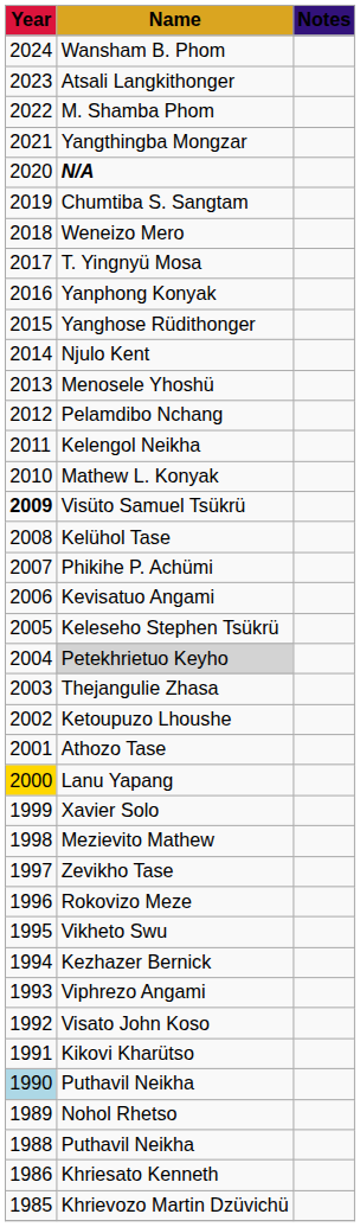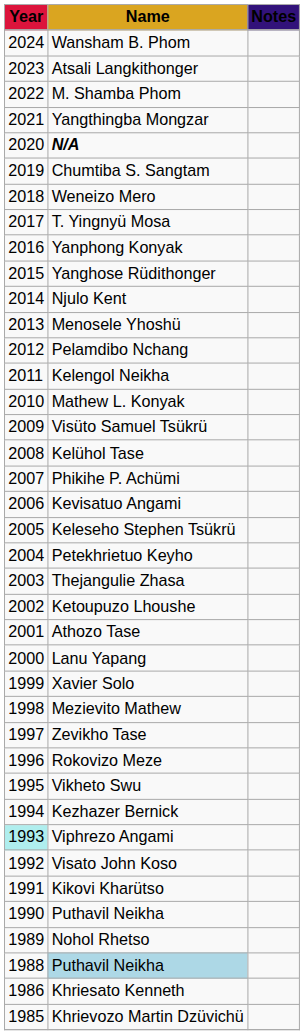 <table class="wikitable sortable">
 <tr>
 <th style="background-color: crimson"><strong>Year</strong></th>
 <th style="background-color:#DAA520"><strong>Name</strong></th>
 <th style="background-color:#32127A"><strong>Notes</strong></th>
 </tr>
 <tr>
 </tr>
 <tr>
 <td>2024</td>
 <td>Wansham B. Phom</td>
 <td></td>
 </tr>
 <tr>
 <td>2023</td>
 <td>Atsali Langkithonger</td>
 <td></td>
 </tr>
 <tr>
 <td>2022</td>
 <td>M. Shamba Phom</td>
 <td></td>
 </tr>
 <tr>
 <td>2021</td>
 <td>Yangthingba Mongzar</td>
 <td></td>
 </tr>
 <tr>
 <td>2020</td>
 <td><strong><em>N/A</em></strong></td>
 <td></td>
 </tr>
 <tr>
 <td>2019</td>
 <td>Chumtiba S. Sangtam</td>
 <td></td>
 </tr>
 <tr>
 <td>2018</td>
 <td>Weneizo Mero</td>
 <td></td>
 </tr>
 <tr>
 <td>2017</td>
 <td>T. Yingnyü Mosa</td>
 <td></td>
 </tr>
 <tr>
 <td>2016</td>
 <td>Yanphong Konyak</td>
 <td></td>
 </tr>
 <tr>
 <td>2015</td>
 <td>Yanghose Rüdithonger</td>
 <td></td>
 </tr>
 <tr>
 <td>2014</td>
 <td>Njulo Kent</td>
 <td></td>
 </tr>
 <tr>
 <td>2013</td>
 <td>Menosele Yhoshü</td>
 <td></td>
 </tr>
 <tr>
 <td>2012</td>
 <td>Pelamdibo Nchang</td>
 <td></td>
 </tr>
 <tr>
 <td>2011</td>
 <td>Kelengol Neikha</td>
 <td></td>
 </tr>
 <tr>
 <td>2010</td>
 <td>Mathew L. Konyak</td>
 <td></td>
 </tr>
 <tr>
-<td><strong>2009</strong></td>
+<td>2009</td>
 <td>Visüto Samuel Tsükrü</td>
 <td></td>
 </tr>
 <tr>
 <td>2008</td>
 <td>Kelühol Tase</td>
 <td></td>
 </tr>
 <tr>
 <td>2007</td>
 <td>Phikihe P. Achümi</td>
 <td></td>
 </tr>
 <tr>
 <td>2006</td>
 <td>Kevisatuo Angami</td>
 <td></td>
 </tr>
 <tr>
 <td>2005</td>
 <td>Keleseho Stephen Tsükrü</td>
 <td></td>
 </tr>
 <tr>
 <td>2004</td>
-<td style="background: lightgrey;">Petekhrietuo Keyho</td>
+<td>Petekhrietuo Keyho</td>
 <td></td>
 </tr>
 <tr>
 <td>2003</td>
 <td>Thejangulie Zhasa</td>
 <td></td>
 </tr>
 <tr>
 <td>2002</td>
 <td>Ketoupuzo Lhoushe</td>
 <td></td>
 </tr>
 <tr>
 <td>2001</td>
 <td>Athozo Tase</td>
 <td></td>
 </tr>
 <tr>
-<td style="background: gold;">2000</td>
+<td>2000</td>
 <td>Lanu Yapang</td>
 <td></td>
 </tr>
 <tr>
 <td>1999</td>
 <td>Xavier Solo</td>
 <td></td>
 </tr>
 <tr>
 <td>1998</td>
 <td>Mezievito Mathew</td>
 <td></td>
 </tr>
 <tr>
 <td>1997</td>
 <td>Zevikho Tase</td>
 <td></td>
 </tr>
 <tr>
 <td>1996</td>
 <td>Rokovizo Meze</td>
 <td></td>
 </tr>
 <tr>
 <td>1995</td>
 <td>Vikheto Swu</td>
 <td></td>
 </tr>
 <tr>
 <td>1994</td>
 <td>Kezhazer Bernick</td>
 <td></td>
 </tr>
 <tr>
-<td>1993</td>
+<td style="background: paleturquoise;">1993</td>
 <td>Viphrezo Angami</td>
 <td></td>
 </tr>
 <tr>
 <td>1992</td>
 <td>Visato John Koso</td>
 <td></td>
 </tr>
 <tr>
 <td>1991</td>
 <td>Kikovi Kharütso</td>
 <td></td>
 </tr>
 <tr>
-<td style="background: lightblue;">1990</td>
+<td>1990</td>
 <td>Puthavil Neikha</td>
 <td></td>
 </tr>
 <tr>
 <td>1989</td>
 <td>Nohol Rhetso</td>
 <td></td>
 </tr>
 <tr>
 <td>1988</td>
-<td>Puthavil Neikha</td>
+<td style="background: lightblue;">Puthavil Neikha</td>
 <td></td>
 </tr>
 <tr>
 <td>1986</td>
 <td>Khriesato Kenneth</td>
 <td></td>
 </tr>
 <tr>
 <td>1985</td>
 <td>Khrievozo Martin Dzüvichü</td>
 <td></td>
 </tr>
 <tr>
 </tr>
 </table>
